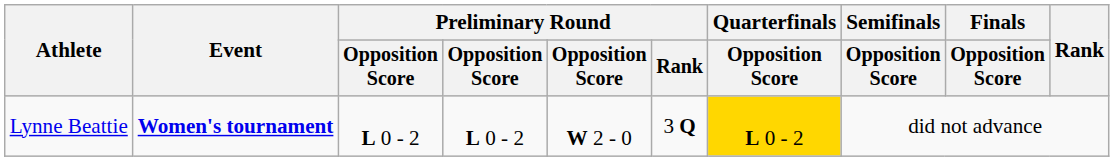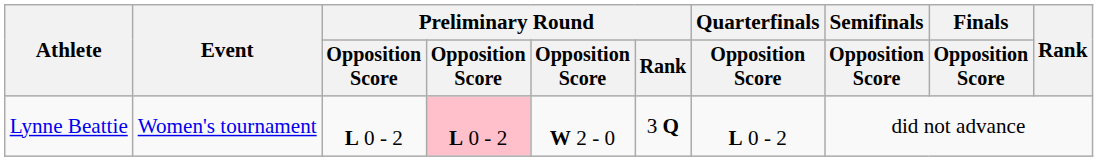 <table class=wikitable style="font-size:90%">
 <tr>
 <th rowspan="2">Athlete</th>
 <th rowspan="2">Event</th>
 <th colspan=4>Preliminary Round</th>
 <th>Quarterfinals</th>
 <th>Semifinals</th>
 <th>Finals</th>
 <th rowspan=2>Rank</th>
 </tr>
 <tr style=font-size:95%>
 <th>Opposition<br>Score</th>
 <th>Opposition<br>Score</th>
 <th>Opposition<br>Score</th>
 <th>Rank</th>
 <th>Opposition<br>Score</th>
 <th>Opposition<br>Score</th>
 <th>Opposition<br>Score</th>
 </tr>
 <tr align=center>
 <td align=left><a href='#'>Lynne Beattie</a><br></td>
-<td align=left><strong><a href='#'>Women's tournament</a></strong></td>
+<td align=left><a href='#'>Women's tournament</a></td>
 <td><br><strong>L</strong> 0 - 2</td>
-<td><br><strong>L</strong> 0 - 2</td>
+<td style="background: pink;"><br><strong>L</strong> 0 - 2</td>
 <td><br><strong>W</strong> 2 - 0</td>
 <td>3 <strong>Q</strong></td>
-<td style="background: gold;"><br><strong>L</strong> 0 - 2</td>
+<td><br><strong>L</strong> 0 - 2</td>
 <td colspan=3>did not advance</td>
 </tr>
 </table>
